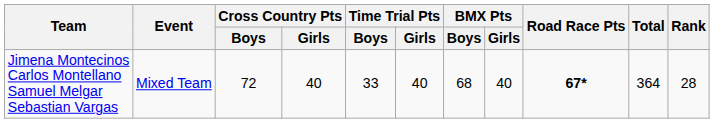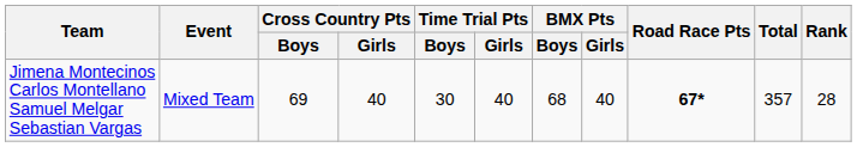 <table class="wikitable" border="1" style="font-size:90%">
 <tr>
 <th rowspan=2>Team</th>
 <th rowspan=2>Event</th>
 <th colspan=2>Cross Country Pts</th>
 <th colspan=2>Time Trial Pts</th>
 <th colspan=2>BMX Pts</th>
 <th rowspan=2>Road Race Pts</th>
 <th rowspan=2>Total</th>
 <th rowspan=2>Rank</th>
 </tr>
 <tr>
 <th>Boys</th>
 <th>Girls</th>
 <th>Boys</th>
 <th>Girls</th>
 <th>Boys</th>
 <th>Girls</th>
 </tr>
 <tr>
 <td><a href='#'>Jimena Montecinos</a><br><a href='#'>Carlos Montellano</a><br><a href='#'>Samuel Melgar</a><br><a href='#'>Sebastian Vargas</a></td>
 <td><a href='#'>Mixed Team</a></td>
-<td align=center>72</td>
+<td align=center>69</td>
 <td align=center>40</td>
-<td align=center>33</td>
+<td align=center>30</td>
 <td align=center>40</td>
 <td align=center>68</td>
 <td align=center>40</td>
 <td align=center><strong>67*</strong></td>
-<td align=center>364</td>
+<td align=center>357</td>
 <td align=center>28</td>
 </tr>
 </table>
